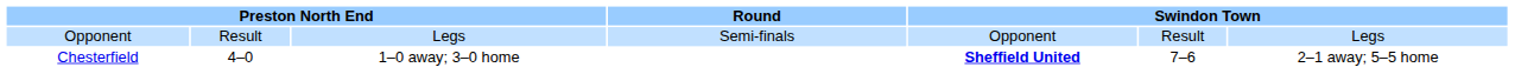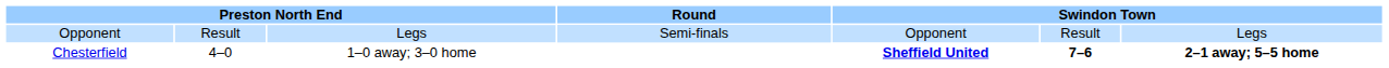 <table width="100%" bgcolor=white>
 <tr valign=top bgcolor=#99ccff>
 <th colspan=3 style="width:40%"><strong>Preston North End</strong></th>
 <th style="width:20%"><strong>Round</strong></th>
 <th colspan=3 style="width:40%"><strong> Swindon Town</strong></th>
 </tr>
 <tr valign=top align="center" bgcolor=#c1e0ff>
 <td>Opponent</td>
 <td>Result</td>
 <td>Legs</td>
 <td bgcolor=#c1e0ff>Semi-finals</td>
 <td>Opponent</td>
 <td>Result</td>
 <td>Legs</td>
 </tr>
 <tr align="center">
 <td><a href='#'>Chesterfield</a></td>
 <td>4–0</td>
 <td>1–0 away; 3–0 home</td>
 <td></td>
 <td><strong><a href='#'>Sheffield United</a></strong></td>
-<td>7–6</td>
-<td>2–1 away; 5–5 home</td>
+<td><strong>7–6</strong></td>
+<td><strong>2–1 away; 5–5 home</strong></td>
 </tr>
 </table>
